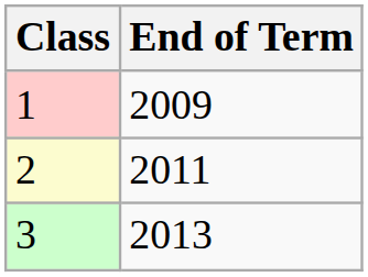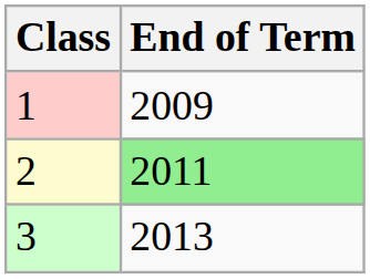 <table class=wikitable>
 <tr>
 <th>Class</th>
 <th>End of Term</th>
 </tr>
 <tr>
 <td bgcolor=#ffcccc>1</td>
 <td>2009</td>
 </tr>
 <tr>
 <td bgcolor=#fcfccf>2</td>
-<td>2011</td>
+<td style="background: lightgreen;">2011</td>
 </tr>
 <tr>
 <td bgcolor=#ccffcc>3</td>
 <td>2013</td>
 </tr>
 </table>
